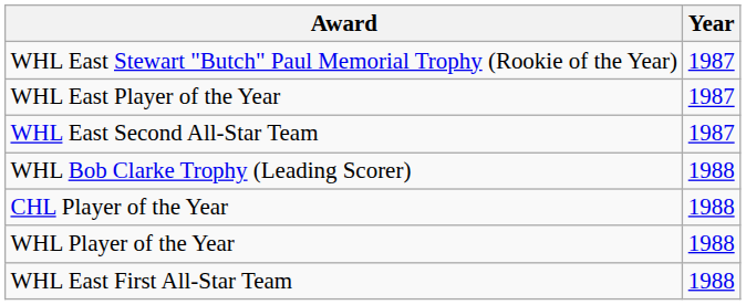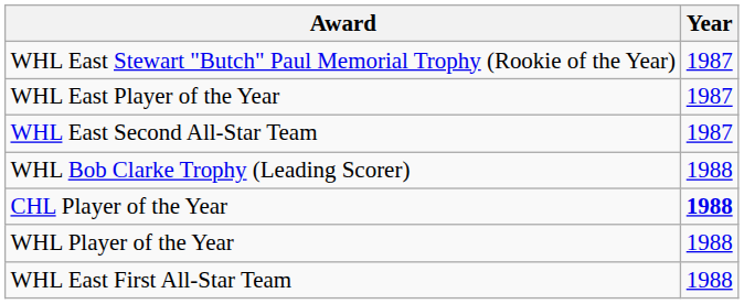 <table class="wikitable">
 <tr>
 <th>Award</th>
 <th>Year</th>
 </tr>
 <tr>
 <td>WHL East <a href='#'>Stewart "Butch" Paul Memorial Trophy</a> (Rookie of the Year)</td>
 <td><a href='#'>1987</a></td>
 </tr>
 <tr>
 <td>WHL East Player of the Year</td>
 <td><a href='#'>1987</a></td>
 </tr>
 <tr>
 <td><a href='#'>WHL</a> East Second All-Star Team</td>
 <td><a href='#'>1987</a></td>
 </tr>
 <tr>
 <td>WHL <a href='#'>Bob Clarke Trophy</a> (Leading Scorer)</td>
 <td><a href='#'>1988</a></td>
 </tr>
 <tr>
 <td><a href='#'>CHL</a> Player of the Year</td>
-<td><a href='#'>1988</a></td>
+<td><strong><a href='#'>1988</a></strong></td>
 </tr>
 <tr>
 <td>WHL Player of the Year</td>
 <td><a href='#'>1988</a></td>
 </tr>
 <tr>
 <td>WHL East First All-Star Team</td>
 <td><a href='#'>1988</a></td>
 </tr>
 </table>
